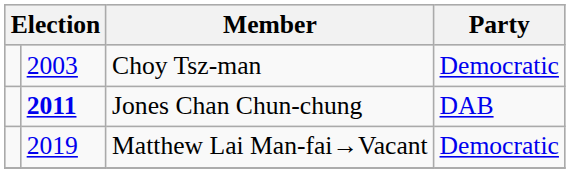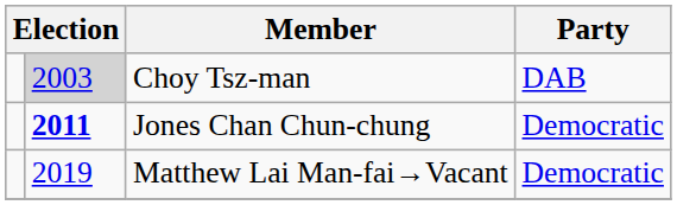 <table class="wikitable">
 <tr>
 <th colspan="2">Election</th>
 <th>Member</th>
 <th>Party</th>
 </tr>
 <tr>
 <td style="background-color: "></td>
-<td><a href='#'>2003</a></td>
+<td style="background: lightgrey;"><a href='#'>2003</a></td>
 <td>Choy Tsz-man</td>
-<td><a href='#'>Democratic</a></td>
+<td><a href='#'>DAB</a></td>
 </tr>
 <tr>
 <td style="background-color: "></td>
 <td><strong><a href='#'>2011</a></strong></td>
 <td>Jones Chan Chun-chung</td>
-<td><a href='#'>DAB</a></td>
+<td><a href='#'>Democratic</a></td>
 </tr>
 <tr>
 <td style="background-color: "></td>
 <td><a href='#'>2019</a></td>
 <td>Matthew Lai Man-fai→Vacant</td>
 <td><a href='#'>Democratic</a></td>
 </tr>
 <tr>
 </tr>
 </table>
